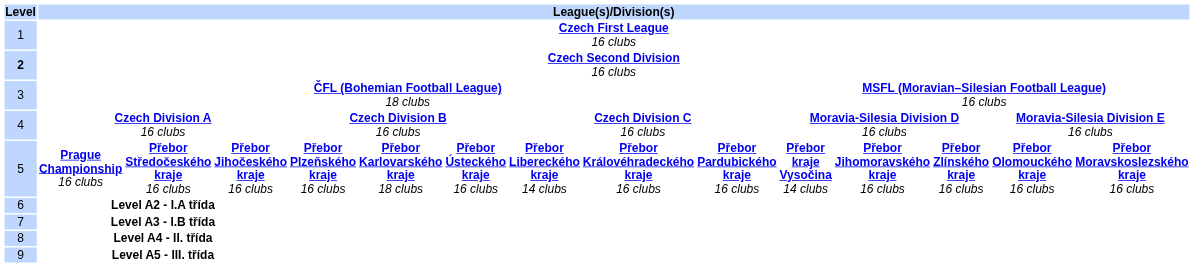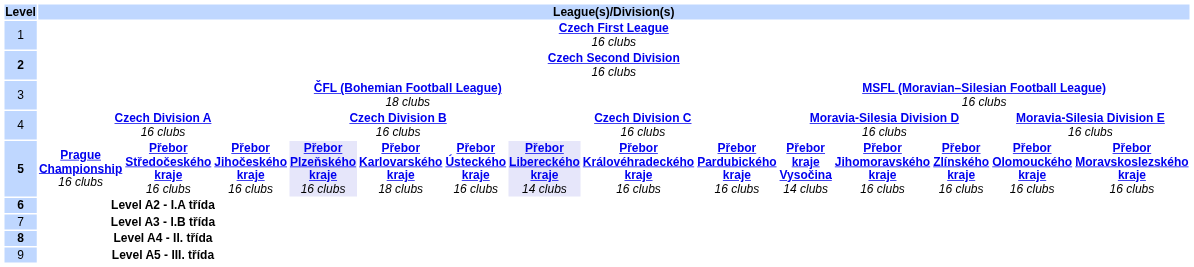 <table class="toccolours" style="margin: 0 auto; width:100%;">
 <tr style="text-align:center;">
 <th style="background:#BFD7FF;">Level</th>
 <th colspan="15" style="background:#BFD7FF;">League(s)/Division(s)</th>
 </tr>
 <tr style="text-align:center;">
 <td style="background:#BFD7FF;">1</td>
 <td colspan="15"><strong><a href='#'>Czech First League</a></strong><br><em>16 clubs</em></td>
 </tr>
 <tr style="text-align:center;">
 <td style="background:#BFD7FF;"><strong>2</strong></td>
 <td colspan="15"><strong><a href='#'>Czech Second Division</a></strong><br><em>16 clubs</em></td>
 </tr>
 <tr style="text-align:center;">
 <td style="background:#BFD7FF;">3</td>
 <td colspan="9"><strong><a href='#'>ČFL (Bohemian Football League)</a></strong><br><em>18 clubs</em></td>
 <td colspan="6"><strong><a href='#'>MSFL (Moravian–Silesian Football League)</a></strong><br><em>16 clubs</em></td>
 </tr>
 <tr style="text-align:center;">
 <td style="background:#BFD7FF;">4</td>
 <td colspan="3"><strong><a href='#'>Czech Division A</a></strong><br><em>16 clubs</em></td>
 <td colspan="3"><strong><a href='#'>Czech Division B</a></strong><br><em>16 clubs</em></td>
 <td colspan="3"><strong><a href='#'>Czech Division C</a></strong><br><em>16 clubs</em></td>
 <td colspan="3"><strong><a href='#'>Moravia-Silesia Division D</a></strong><br><em>16 clubs</em></td>
 <td colspan="3"><strong><a href='#'>Moravia-Silesia Division E</a></strong><br><em>16 clubs</em></td>
 </tr>
 <tr style="text-align:center;">
-<td style="background:#BFD7FF;">5</td>
+<td style="background:#BFD7FF;"><strong>5</strong></td>
 <td><strong><a href='#'>Prague Championship</a></strong><br><em>16 clubs</em></td>
 <td><strong><a href='#'>Přebor Středočeského kraje</a></strong><br><em>16 clubs</em></td>
 <td><strong><a href='#'>Přebor Jihočeského kraje</a></strong><br><em>16 clubs</em></td>
-<td><strong><a href='#'>Přebor Plzeňského kraje</a></strong><br><em>16 clubs</em></td>
+<td style="background: lavender;"><strong><a href='#'>Přebor Plzeňského kraje</a></strong><br><em>16 clubs</em></td>
 <td><strong><a href='#'>Přebor Karlovarského kraje</a></strong><br><em>18 clubs</em></td>
 <td><strong><a href='#'>Přebor Ústeckého kraje</a></strong><br><em>16 clubs</em></td>
-<td><strong><a href='#'>Přebor Libereckého kraje</a></strong><br><em>14 clubs</em></td>
+<td style="background: lavender;"><strong><a href='#'>Přebor Libereckého kraje</a></strong><br><em>14 clubs</em></td>
 <td><strong><a href='#'>Přebor Královéhradeckého kraje</a></strong><br><em>16 clubs</em></td>
 <td><strong><a href='#'>Přebor Pardubického kraje</a></strong><br><em>16 clubs</em></td>
 <td><strong><a href='#'>Přebor kraje Vysočina</a></strong><br><em>14 clubs</em></td>
 <td><strong><a href='#'>Přebor Jihomoravského kraje</a></strong><br><em>16 clubs</em></td>
 <td><strong><a href='#'>Přebor Zlínského kraje</a></strong><br><em>16 clubs</em></td>
 <td><strong><a href='#'>Přebor Olomouckého kraje</a></strong><br><em>16 clubs</em></td>
 <td><strong><a href='#'>Přebor Moravskoslezského kraje</a></strong><br><em>16 clubs</em></td>
 </tr>
 <tr style="text-align:center;">
-<td style="background:#BFD7FF;">6</td>
+<td style="background:#BFD7FF;"><strong>6</strong></td>
 <td colspan="3"><strong>Level A2 - I.A třída</strong></td>
 </tr>
 <tr style="text-align:center;">
 <td style="background:#BFD7FF;">7</td>
 <td colspan="3"><strong>Level A3 - I.B třída</strong></td>
 </tr>
 <tr style="text-align:center;">
-<td style="background:#BFD7FF;">8</td>
+<td style="background:#BFD7FF;"><strong>8</strong></td>
 <td colspan="3"><strong>Level A4 - II. třída</strong></td>
 </tr>
 <tr style="text-align:center;">
 <td style="background:#BFD7FF;">9</td>
 <td colspan="3"><strong>Level A5 - III. třída</strong></td>
 </tr>
 </table>
